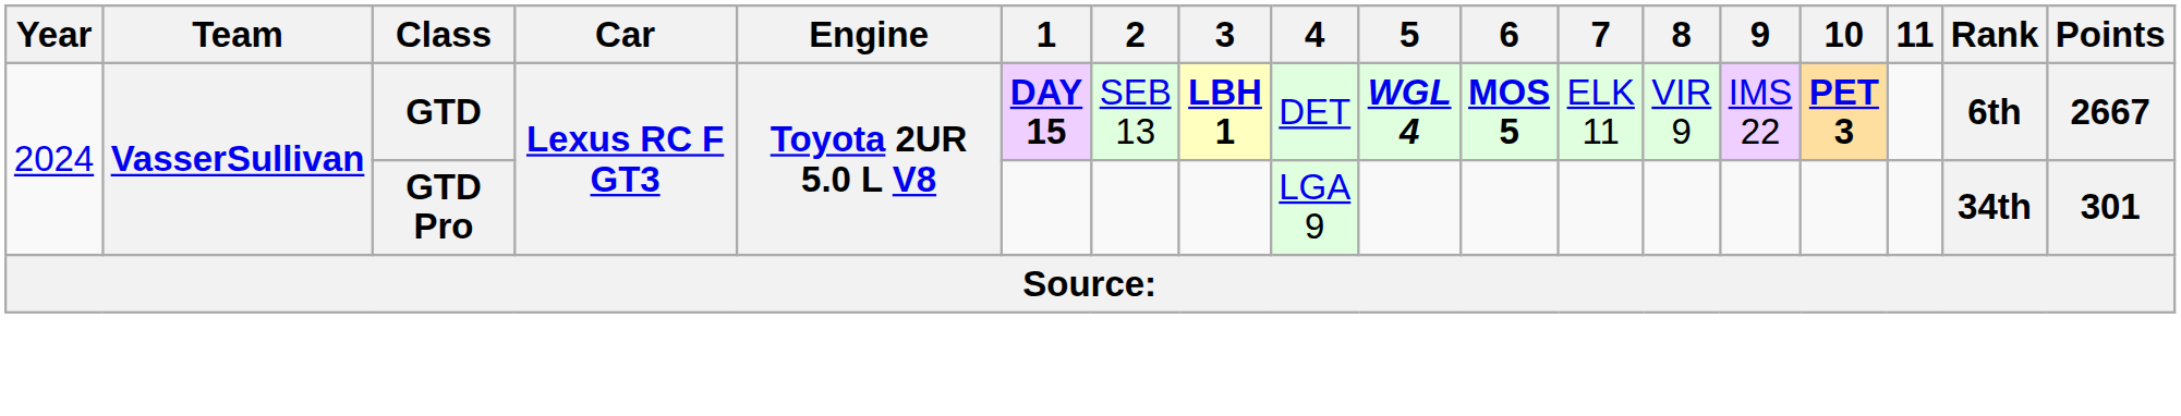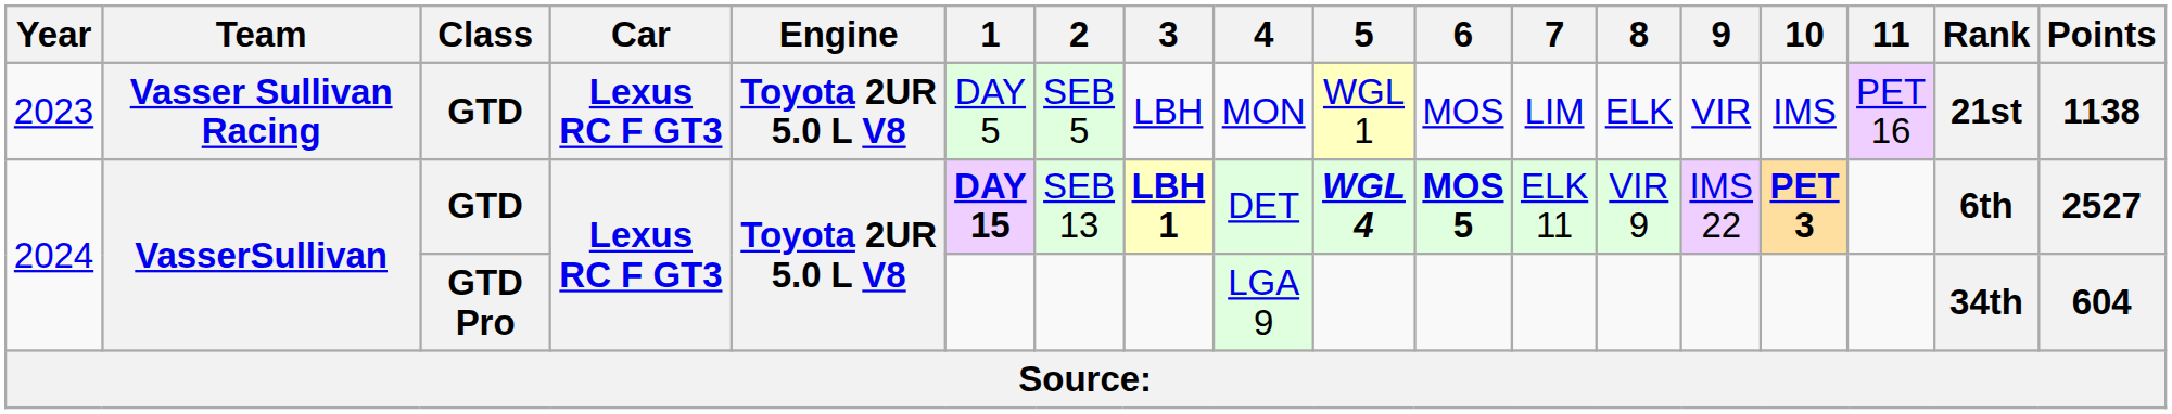 <table class="wikitable" style="text-align:center; font-size:90%">
 <tr>
 <th>Year</th>
 <th>Team</th>
 <th>Class</th>
 <th>Car</th>
 <th>Engine</th>
 <th>1</th>
 <th>2</th>
 <th>3</th>
 <th>4</th>
 <th>5</th>
 <th>6</th>
 <th>7</th>
 <th>8</th>
 <th>9</th>
 <th>10</th>
 <th>11</th>
 <th>Rank</th>
 <th>Points</th>
 </tr>
 <tr>
+<td><a href='#'>2023</a></td>
+<th><a href='#'>Vasser Sullivan Racing</a></th>
+<th>GTD</th>
+<th><a href='#'>Lexus RC F GT3</a></th>
+<th><a href='#'>Toyota</a> 2UR 5.0 L <a href='#'>V8</a></th>
+<td style="background:#DFFFDF;"><a href='#'>DAY</a><br>5</td>
+<td style="background:#DFFFDF;"><a href='#'>SEB</a><br>5</td>
+<td style="background:#;"><a href='#'>LBH</a></td>
+<td style="background:#;"><a href='#'>MON</a></td>
+<td style="background:#FFFFBF;”"><a href='#'>WGL</a><br>1</td>
+<td style="background:#;"><a href='#'>MOS</a></td>
+<td style="background:#;"><a href='#'>LIM</a></td>
+<td style="background:#;"><a href='#'>ELK</a></td>
+<td style="background:#;"><a href='#'>VIR</a></td>
+<td style="background:#;"><a href='#'>IMS</a></td>
+<td style="background:#EFCFFF;"><a href='#'>PET</a><br>16</td>
+<th>21st</th>
+<th>1138</th>
+</tr>
+<tr>
 <td rowspan="2"><a href='#'>2024</a></td>
 <th rowspan="2"><a href='#'>VasserSullivan</a></th>
 <th>GTD</th>
 <th rowspan="2"><a href='#'>Lexus RC F GT3</a></th>
 <th rowspan="2"><a href='#'>Toyota</a> 2UR 5.0 L <a href='#'>V8</a></th>
 <td style="background:#EFCFFF;"><strong><a href='#'>DAY</a><br>15</strong></td>
 <td style="background:#DFFFDF;"><a href='#'>SEB</a><br>13</td>
 <td style="background:#FFFFBF;”"><strong><a href='#'>LBH</a><br>1</strong></td>
 <td style="background:#DFFFDF;"><a href='#'>DET</a><br></td>
 <td style="background:#DFFFDF;"><strong><em><a href='#'>WGL</a><br>4</em></strong></td>
 <td style="background:#DFFFDF;"><strong><a href='#'>MOS</a><br>5</strong></td>
 <td style="background:#DFFFDF;"><a href='#'>ELK</a><br>11</td>
 <td style="background:#DFFFDF;"><a href='#'>VIR</a><br>9</td>
 <td style="background:#EFCFFF;"><a href='#'>IMS</a><br>22</td>
 <td style="background:#FFDF9F;"><strong><a href='#'>PET</a><br>3</strong></td>
 <td></td>
 <th>6th</th>
-<th>2667</th>
+<th>2527</th>
 </tr>
 <tr>
 <th>GTD Pro</th>
 <td></td>
 <td></td>
 <td></td>
 <td style="background:#DFFFDF;"><a href='#'>LGA</a><br>9</td>
 <td></td>
 <td></td>
 <td></td>
 <td></td>
 <td></td>
 <td></td>
 <td></td>
 <th>34th</th>
-<th>301</th>
+<th>604</th>
 </tr>
 <tr>
 <th colspan="18">Source:</th>
 </tr>
 </table>
